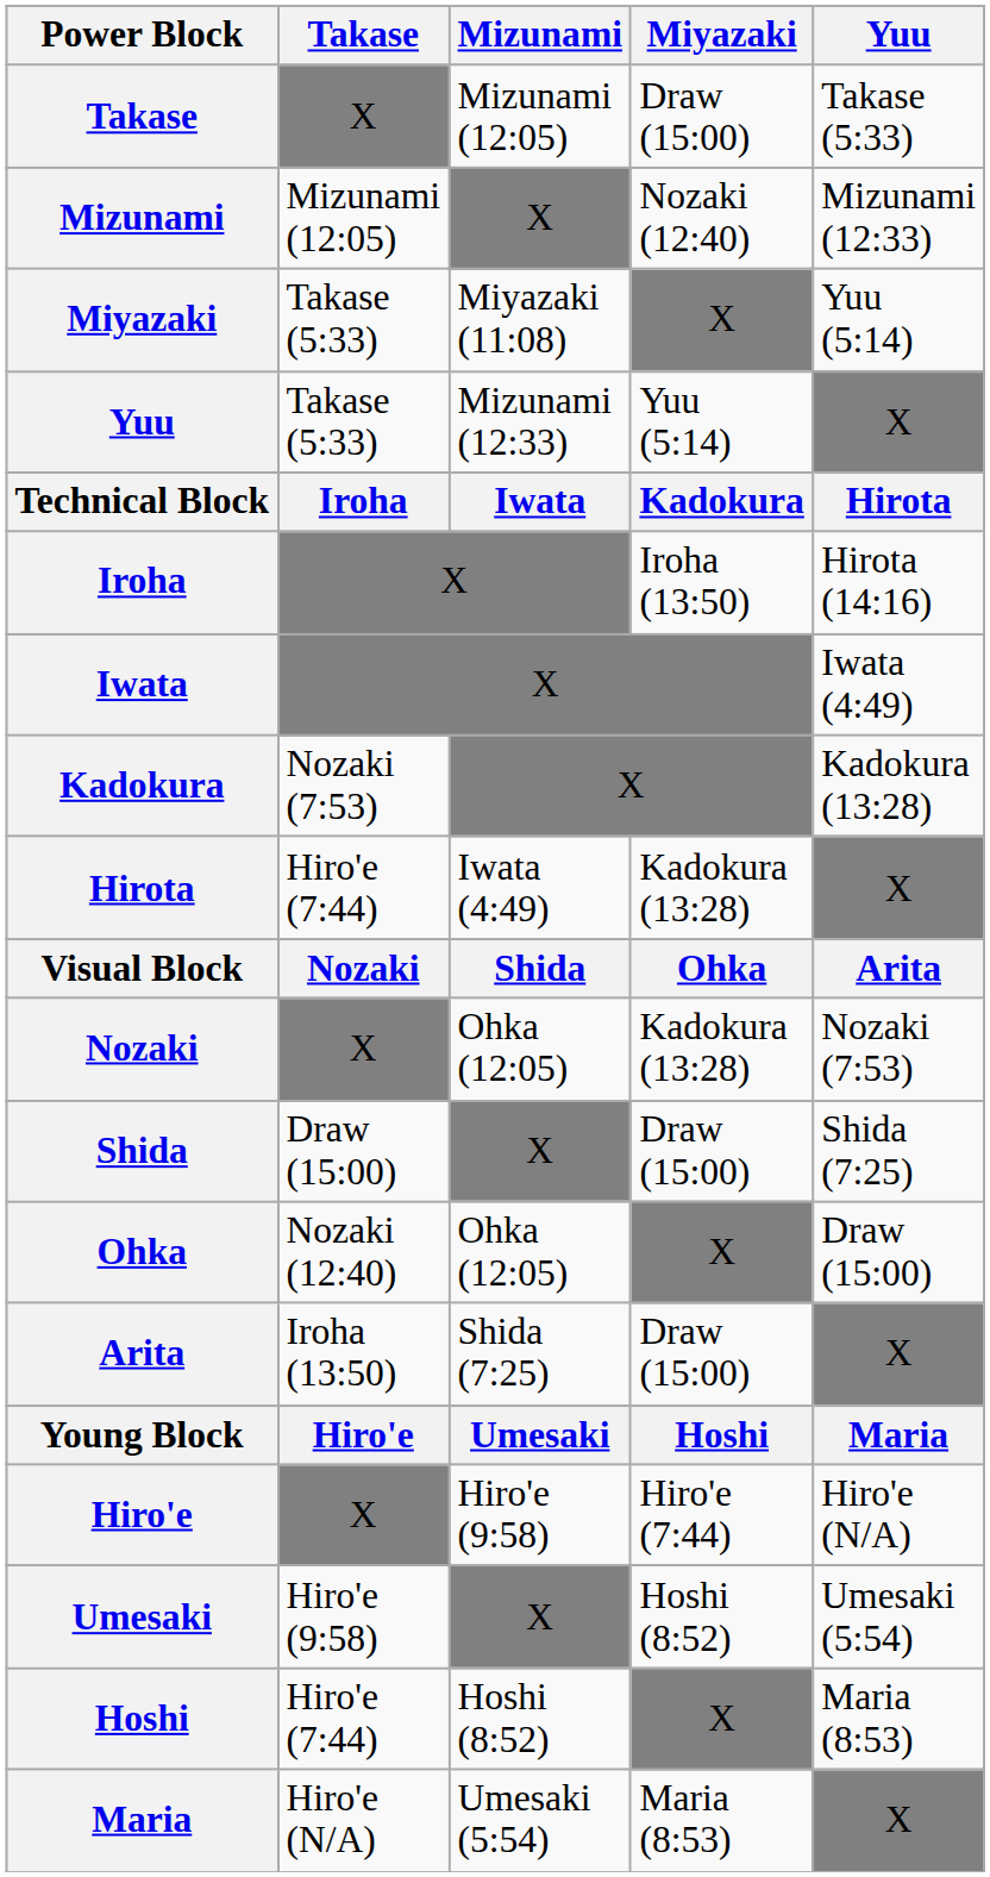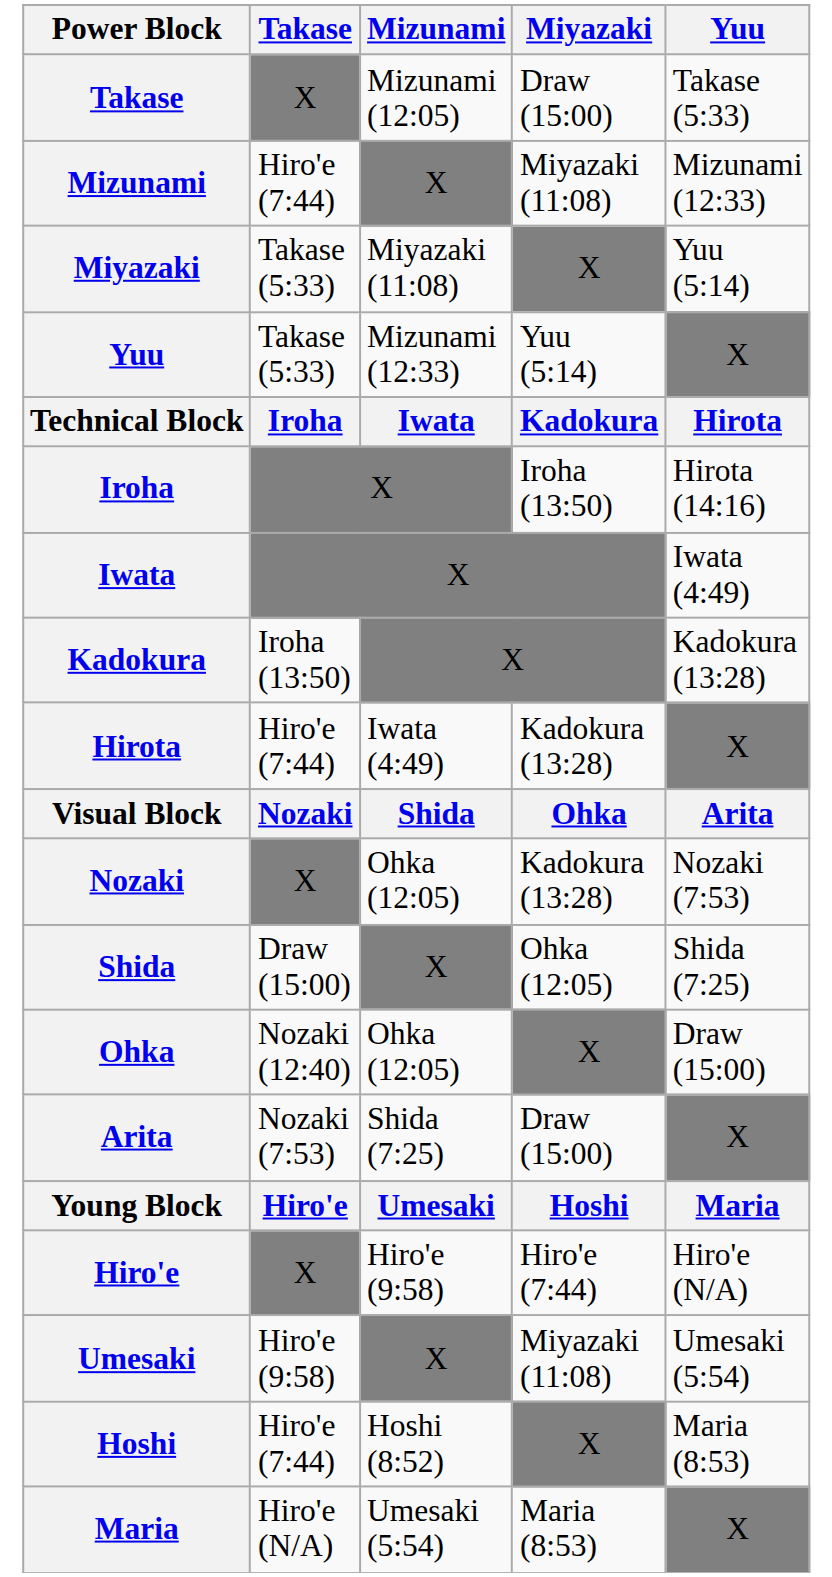 <table class="wikitable" align=center style="margin: 1em auto 1em auto">
 <tr>
 <th>Power Block</th>
 <th><a href='#'>Takase</a></th>
 <th><a href='#'>Mizunami</a></th>
 <th><a href='#'>Miyazaki</a></th>
 <th><a href='#'>Yuu</a></th>
 </tr>
 <tr>
 <th><a href='#'>Takase</a></th>
 <td bgcolor=grey align="center">X</td>
 <td>Mizunami<br>(12:05)</td>
 <td>Draw<br>(15:00)</td>
 <td>Takase<br>(5:33)</td>
 </tr>
 <tr>
 <th><a href='#'>Mizunami</a></th>
-<td>Mizunami<br>(12:05)</td>
+<td>Hiro'e<br>(7:44)</td>
 <td bgcolor=grey align="center">X</td>
-<td>Nozaki<br>(12:40)</td>
+<td>Miyazaki<br>(11:08)</td>
 <td>Mizunami<br>(12:33)</td>
 </tr>
 <tr>
 <th><a href='#'>Miyazaki</a></th>
 <td>Takase<br>(5:33)</td>
 <td>Miyazaki<br>(11:08)</td>
 <td bgcolor=grey align="center">X</td>
 <td>Yuu<br>(5:14)</td>
 </tr>
 <tr>
 <th><a href='#'>Yuu</a></th>
 <td>Takase<br>(5:33)</td>
 <td>Mizunami<br>(12:33)</td>
 <td>Yuu<br>(5:14)</td>
 <td bgcolor=grey align="center">X</td>
 </tr>
 <tr>
 <th>Technical Block</th>
 <th><a href='#'>Iroha</a></th>
 <th><a href='#'>Iwata</a></th>
 <th><a href='#'>Kadokura</a></th>
 <th><a href='#'>Hirota</a></th>
 </tr>
 <tr>
 <th><a href='#'>Iroha</a></th>
 <td bgcolor=grey align="center" colspan=2>X</td>
 <td>Iroha<br>(13:50)</td>
 <td>Hirota<br>(14:16)</td>
 </tr>
 <tr>
 <th><a href='#'>Iwata</a></th>
 <td bgcolor=grey align="center" colspan=3>X</td>
 <td>Iwata<br>(4:49)</td>
 </tr>
 <tr>
 <th><a href='#'>Kadokura</a></th>
-<td>Nozaki<br>(7:53)</td>
+<td>Iroha<br>(13:50)</td>
 <td bgcolor=grey align="center" colspan=2>X</td>
 <td>Kadokura<br>(13:28)</td>
 </tr>
 <tr>
 <th><a href='#'>Hirota</a></th>
 <td>Hiro'e<br>(7:44)</td>
 <td>Iwata<br>(4:49)</td>
 <td>Kadokura<br>(13:28)</td>
 <td bgcolor=grey align="center">X</td>
 </tr>
 <tr>
 <th>Visual Block</th>
 <th><a href='#'>Nozaki</a></th>
 <th><a href='#'>Shida</a></th>
 <th><a href='#'>Ohka</a></th>
 <th><a href='#'>Arita</a></th>
 </tr>
 <tr>
 <th><a href='#'>Nozaki</a></th>
 <td bgcolor=grey align="center">X</td>
 <td>Ohka<br>(12:05)</td>
 <td>Kadokura<br>(13:28)</td>
 <td>Nozaki<br>(7:53)</td>
 </tr>
 <tr>
 <th><a href='#'>Shida</a></th>
 <td>Draw<br>(15:00)</td>
 <td bgcolor=grey align="center">X</td>
-<td>Draw<br>(15:00)</td>
+<td>Ohka<br>(12:05)</td>
 <td>Shida<br>(7:25)</td>
 </tr>
 <tr>
 <th><a href='#'>Ohka</a></th>
 <td>Nozaki<br>(12:40)</td>
 <td>Ohka<br>(12:05)</td>
 <td bgcolor=grey align="center">X</td>
 <td>Draw<br>(15:00)</td>
 </tr>
 <tr>
 <th><a href='#'>Arita</a></th>
-<td>Iroha<br>(13:50)</td>
+<td>Nozaki<br>(7:53)</td>
 <td>Shida<br>(7:25)</td>
 <td>Draw<br>(15:00)</td>
 <td bgcolor=grey align="center">X</td>
 </tr>
 <tr>
 <th>Young Block</th>
 <th><a href='#'>Hiro'e</a></th>
 <th><a href='#'>Umesaki</a></th>
 <th><a href='#'>Hoshi</a></th>
 <th><a href='#'>Maria</a></th>
 </tr>
 <tr>
 <th><a href='#'>Hiro'e</a></th>
 <td bgcolor=grey align="center">X</td>
 <td>Hiro'e<br>(9:58)</td>
 <td>Hiro'e<br>(7:44)</td>
 <td>Hiro'e<br>(N/A)</td>
 </tr>
 <tr>
 <th><a href='#'>Umesaki</a></th>
 <td>Hiro'e<br>(9:58)</td>
 <td bgcolor=grey align="center">X</td>
-<td>Hoshi<br>(8:52)</td>
+<td>Miyazaki<br>(11:08)</td>
 <td>Umesaki<br>(5:54)</td>
 </tr>
 <tr>
 <th><a href='#'>Hoshi</a></th>
 <td>Hiro'e<br>(7:44)</td>
 <td>Hoshi<br>(8:52)</td>
 <td bgcolor=grey align="center">X</td>
 <td>Maria<br>(8:53)</td>
 </tr>
 <tr>
 <th><a href='#'>Maria</a></th>
 <td>Hiro'e<br>(N/A)</td>
 <td>Umesaki<br>(5:54)</td>
 <td>Maria<br>(8:53)</td>
 <td bgcolor=grey align="center">X</td>
 </tr>
 </table>
